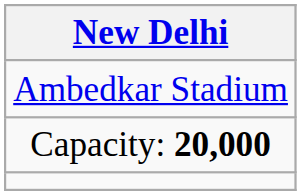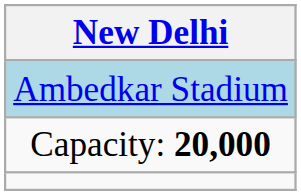 <table class="wikitable" style="text-align:center">
 <tr>
 <th><a href='#'>New Delhi</a></th>
 </tr>
 <tr>
-<td><a href='#'>Ambedkar Stadium</a></td>
+<td style="background: lightblue;"><a href='#'>Ambedkar Stadium</a></td>
 </tr>
 <tr>
 <td>Capacity: <strong>20,000</strong></td>
 </tr>
 <tr>
 <td></td>
 </tr>
 </table>
